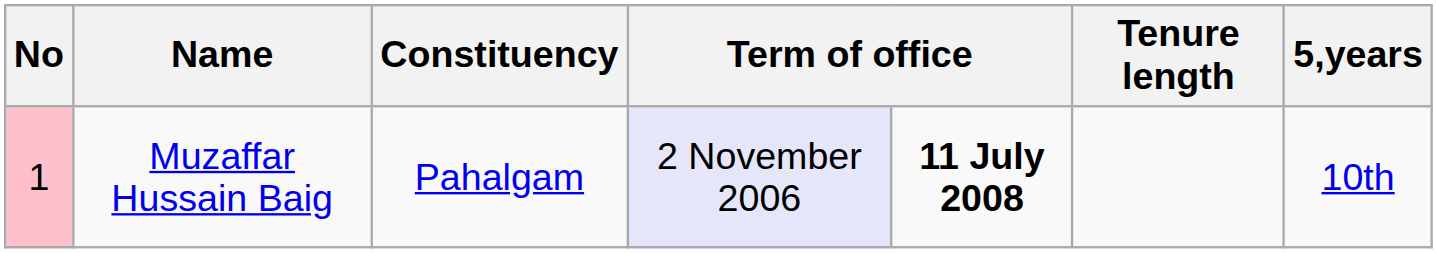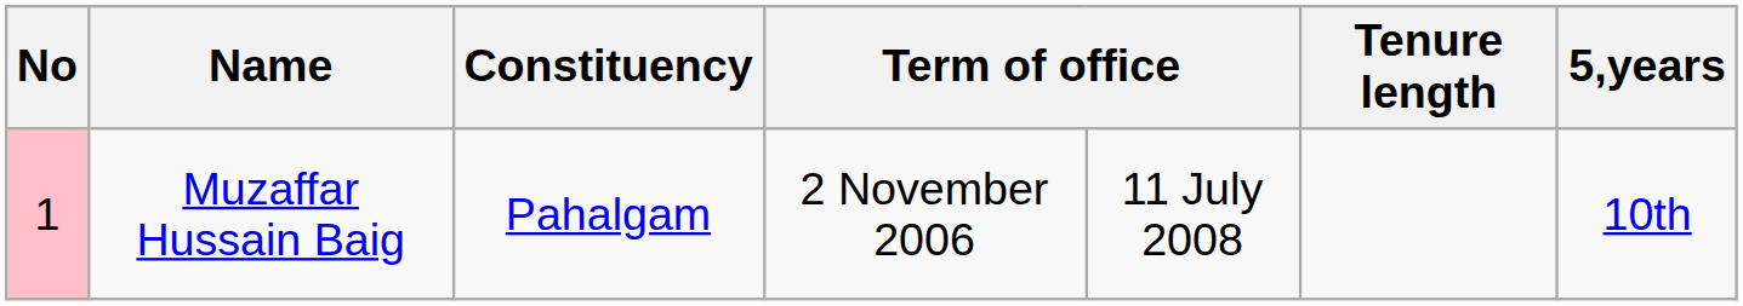 <table class="wikitable">
 <tr>
 <th>No</th>
 <th>Name</th>
 <th>Constituency</th>
 <th colspan=2>Term of office</th>
 <th>Tenure length</th>
 <th>5,years</th>
 </tr>
 <tr align=center style="height: 60px;">
 <td style="background: pink;">1</td>
 <td><a href='#'>Muzaffar Hussain Baig</a></td>
 <td><a href='#'>Pahalgam</a></td>
-<td style="background: lavender;">2 November 2006</td>
-<td><strong>11 July 2008</strong></td>
+<td>2 November 2006</td>
+<td>11 July 2008</td>
 <td></td>
 <td><a href='#'>10th</a></td>
 </tr>
 </table>
